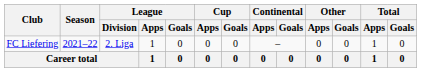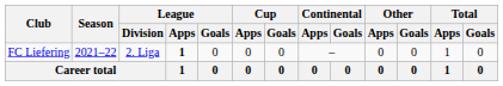 <table class="wikitable" style="text-align: center">
 <tr>
 <th rowspan="2">Club</th>
 <th rowspan="2">Season</th>
 <th colspan="3">League</th>
 <th colspan="2">Cup</th>
 <th colspan="2">Continental</th>
 <th colspan="2">Other</th>
 <th colspan="2">Total</th>
 </tr>
 <tr>
 <th>Division</th>
 <th>Apps</th>
 <th>Goals</th>
 <th>Apps</th>
 <th>Goals</th>
 <th>Apps</th>
 <th>Goals</th>
 <th>Apps</th>
 <th>Goals</th>
 <th>Apps</th>
 <th>Goals</th>
 </tr>
 <tr>
 <td><a href='#'>FC Liefering</a></td>
 <td><a href='#'>2021–22</a></td>
 <td><a href='#'>2. Liga</a></td>
-<td>1</td>
+<td><strong>1</strong></td>
 <td>0</td>
 <td>0</td>
 <td>0</td>
 <td colspan="2">–</td>
 <td>0</td>
 <td>0</td>
 <td>1</td>
 <td>0</td>
 </tr>
 <tr>
 <th colspan="3"><strong>Career total</strong></th>
 <th>1</th>
 <th>0</th>
 <th>0</th>
 <th>0</th>
 <th>0</th>
 <th>0</th>
 <th>0</th>
 <th>0</th>
 <th>1</th>
 <th>0</th>
 </tr>
 </table>
